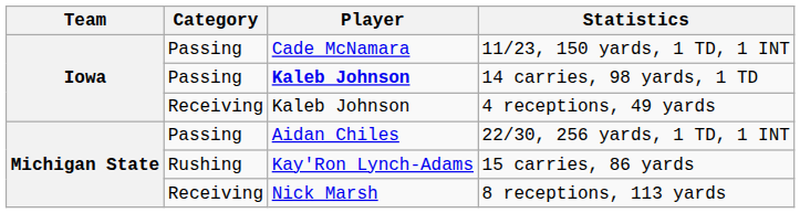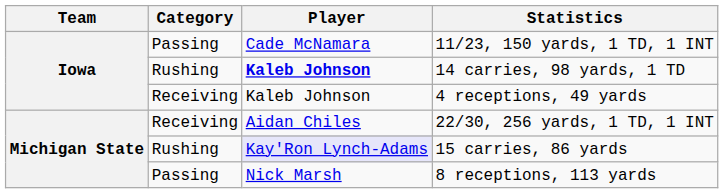 <table class="wikitable" style="float:right">
 <tr>
 <th>Team</th>
 <th>Category</th>
 <th>Player</th>
 <th>Statistics</th>
 </tr>
 <tr>
 <th rowspan=3>Iowa</th>
 <td>Passing</td>
 <td><a href='#'>Cade McNamara</a></td>
 <td>11/23, 150 yards, 1 TD, 1 INT</td>
 </tr>
 <tr>
-<td>Passing</td>
+<td>Rushing</td>
 <td><strong><a href='#'>Kaleb Johnson</a></strong></td>
 <td>14 carries, 98 yards, 1 TD</td>
 </tr>
 <tr>
 <td>Receiving</td>
 <td>Kaleb Johnson</td>
 <td>4 receptions, 49 yards</td>
 </tr>
 <tr>
 <th rowspan=3>Michigan State</th>
-<td>Passing</td>
+<td>Receiving</td>
 <td><a href='#'>Aidan Chiles</a></td>
 <td>22/30, 256 yards, 1 TD, 1 INT</td>
 </tr>
 <tr>
 <td>Rushing</td>
-<td><a href='#'>Kay'Ron Lynch-Adams</a></td>
+<td style="background: lavender;"><a href='#'>Kay'Ron Lynch-Adams</a></td>
 <td>15 carries, 86 yards</td>
 </tr>
 <tr>
-<td>Receiving</td>
+<td>Passing</td>
 <td><a href='#'>Nick Marsh</a></td>
 <td>8 receptions, 113 yards</td>
 </tr>
 </table>
